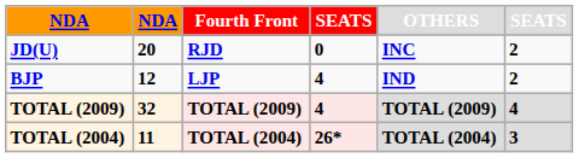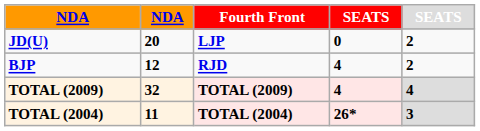 <table class="wikitable" width="50%" style="font-weight: bold; font-size: x-small; font-family: verdana">
 <tr>
 <th style="background-color:#FF9900; color:white"><a href='#'>NDA</a></th>
 <th style="background-color:#FF9900; color:white"><a href='#'>NDA</a></th>
 <th style="background-color:#FF0000; color:white">Fourth Front</th>
 <th style="background-color:#FF0000; color:white">SEATS</th>
-<th style="background-color:#DDDDDD; color:white">OTHERS</th>
 <th style="background-color:#DDDDDD; color:white">SEATS</th>
 </tr>
 <tr>
 <td><a href='#'>JD(U)</a></td>
 <td>20</td>
-<td><a href='#'>RJD</a></td>
+<td><a href='#'>LJP</a></td>
 <td>0</td>
-<td><a href='#'>INC</a></td>
 <td>2</td>
 </tr>
 <tr>
 <td><a href='#'>BJP</a></td>
 <td>12</td>
-<td><a href='#'>LJP</a></td>
+<td><a href='#'>RJD</a></td>
 <td>4</td>
-<td><a href='#'>IND</a></td>
 <td>2</td>
 </tr>
 <tr>
 <td bgcolor=#FFF3E1>TOTAL (2009)</td>
 <td bgcolor=#FFF3E1>32</td>
 <td bgcolor=#FFE6E6>TOTAL (2009)</td>
 <td bgcolor=#FFE6E6>4</td>
-<td bgcolor=#DDDDDD>TOTAL (2009)</td>
 <td bgcolor=#DDDDDD>4</td>
 </tr>
 <tr>
 <td bgcolor=#FFF3E1>TOTAL (2004)</td>
 <td bgcolor=#FFF3E1>11</td>
 <td bgcolor=#FFE6E6>TOTAL (2004)</td>
 <td bgcolor=#FFE6E6>26*</td>
-<td bgcolor=#DDDDDD>TOTAL (2004)</td>
 <td bgcolor=#DDDDDD>3</td>
 </tr>
 </table>
